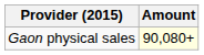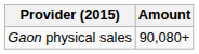 <table class="wikitable">
 <tr>
 <th>Provider (2015)</th>
 <th>Amount</th>
 </tr>
 <tr>
 <td><em>Gaon</em> physical sales</td>
-<td align="center" style="background: lightyellow;">90,080+</td>
+<td align="center">90,080+</td>
 </tr>
 </table>
